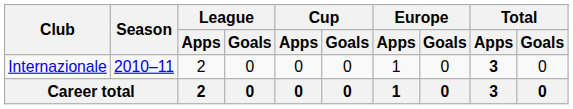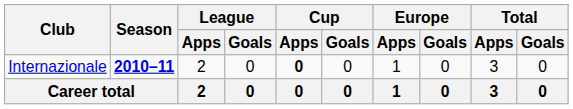 <table class="wikitable" border="1" style="font-size:90%; text-align: center;">
 <tr>
 <th rowspan="2">Club</th>
 <th rowspan="2">Season</th>
 <th colspan="2">League</th>
 <th colspan="2">Cup</th>
 <th colspan="2">Europe</th>
 <th colspan="2">Total</th>
 </tr>
 <tr>
 <th>Apps</th>
 <th>Goals</th>
 <th>Apps</th>
 <th>Goals</th>
 <th>Apps</th>
 <th>Goals</th>
 <th>Apps</th>
 <th>Goals</th>
 </tr>
 <tr>
 <td rowspan="1" valign="top"><a href='#'>Internazionale</a></td>
-<td><a href='#'>2010–11</a></td>
+<td><strong><a href='#'>2010–11</a></strong></td>
 <td>2</td>
 <td>0</td>
-<td>0</td>
+<td><strong>0</strong></td>
 <td>0</td>
 <td>1</td>
 <td>0</td>
-<td><strong>3</strong></td>
+<td>3</td>
 <td>0</td>
 </tr>
 <tr>
 <th colspan="2">Career total</th>
 <th>2</th>
 <th>0</th>
 <th>0</th>
 <th>0</th>
 <th>1</th>
 <th>0</th>
 <th>3</th>
 <th>0</th>
 </tr>
 </table>
